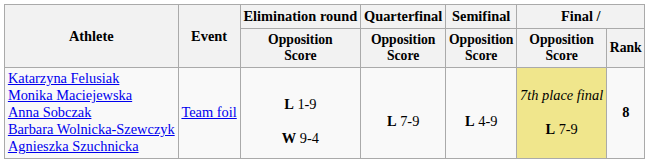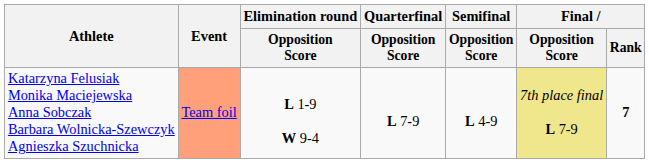 <table class="wikitable" style="font-size:90%">
 <tr>
 <th rowspan="2">Athlete</th>
 <th rowspan="2">Event</th>
 <th>Elimination round</th>
 <th>Quarterfinal</th>
 <th>Semifinal</th>
 <th colspan=2>Final / </th>
 </tr>
 <tr style="font-size:95%">
 <th>Opposition <br> Score</th>
 <th>Opposition <br> Score</th>
 <th>Opposition <br> Score</th>
 <th>Opposition <br> Score</th>
 <th>Rank</th>
 </tr>
 <tr align=center>
 <td align=left><a href='#'>Katarzyna Felusiak</a><br><a href='#'>Monika Maciejewska</a><br><a href='#'>Anna Sobczak</a><br><a href='#'>Barbara Wolnicka-Szewczyk</a><br><a href='#'>Agnieszka Szuchnicka</a></td>
-<td align=left><a href='#'>Team foil</a></td>
+<td align=left style="background: lightsalmon;"><a href='#'>Team foil</a></td>
 <td><br><strong>L</strong> 1-9<br><br><strong>W</strong> 9-4</td>
 <td><br><strong>L</strong> 7-9</td>
 <td><br><strong>L</strong> 4-9</td>
 <td style="background: khaki;"><em>7th place final</em><br><br><strong>L</strong> 7-9</td>
-<td><strong>8</strong></td>
+<td><strong>7</strong></td>
 </tr>
 </table>
